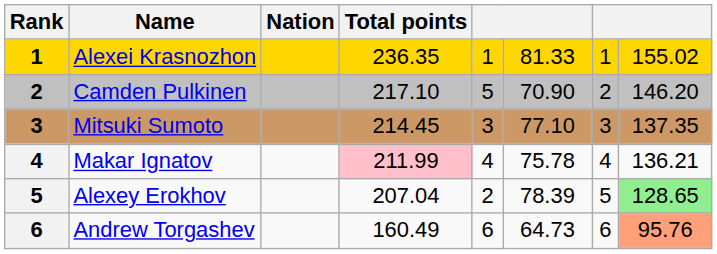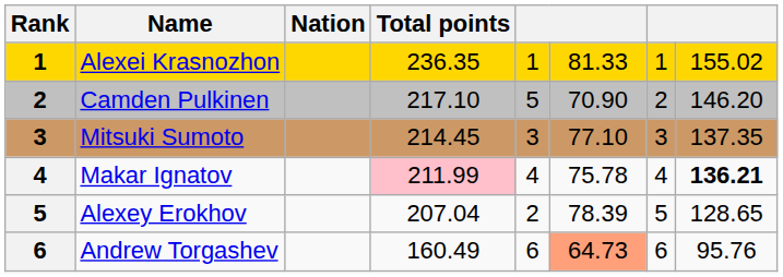 <table class="wikitable sortable">
 <tr>
 <th>Rank</th>
 <th>Name</th>
 <th>Nation</th>
 <th>Total points</th>
 <th colspan="2" width="80px"></th>
 <th colspan="2" width="80px"></th>
 </tr>
 <tr bgcolor="gold">
 <td align="center"><strong>1</strong></td>
 <td><a href='#'>Alexei Krasnozhon</a></td>
 <td></td>
 <td align="center">236.35</td>
 <td align="center">1</td>
 <td align="center">81.33</td>
 <td align="center">1</td>
 <td align="center">155.02</td>
 </tr>
 <tr bgcolor="silver">
 <td align="center"><strong>2</strong></td>
 <td><a href='#'>Camden Pulkinen</a></td>
 <td></td>
 <td align="center">217.10</td>
 <td align="center">5</td>
 <td align="center">70.90</td>
 <td align="center">2</td>
 <td align="center">146.20</td>
 </tr>
 <tr bgcolor="cc9966">
 <td align="center"><strong>3</strong></td>
 <td><a href='#'>Mitsuki Sumoto</a></td>
 <td></td>
 <td align="center">214.45</td>
 <td align="center">3</td>
 <td align="center">77.10</td>
 <td align="center">3</td>
 <td align="center">137.35</td>
 </tr>
 <tr>
 <th>4</th>
 <td><a href='#'>Makar Ignatov</a></td>
 <td></td>
 <td align="center" style="background: pink;">211.99</td>
 <td align="center">4</td>
 <td align="center">75.78</td>
 <td align="center">4</td>
-<td align="center">136.21</td>
+<td align="center"><strong>136.21</strong></td>
 </tr>
 <tr>
 <th align="center">5</th>
 <td><a href='#'>Alexey Erokhov</a></td>
 <td></td>
 <td align="center">207.04</td>
 <td align="center">2</td>
 <td align="center">78.39</td>
 <td align="center">5</td>
-<td align="center" style="background: lightgreen;">128.65</td>
+<td align="center">128.65</td>
 </tr>
 <tr>
 <th>6</th>
 <td><a href='#'>Andrew Torgashev</a></td>
 <td></td>
 <td align="center">160.49</td>
 <td align="center">6</td>
-<td align="center">64.73</td>
+<td align="center" style="background: lightsalmon;">64.73</td>
 <td align="center">6</td>
-<td align="center" style="background: lightsalmon;">95.76</td>
+<td align="center">95.76</td>
 </tr>
 </table>
